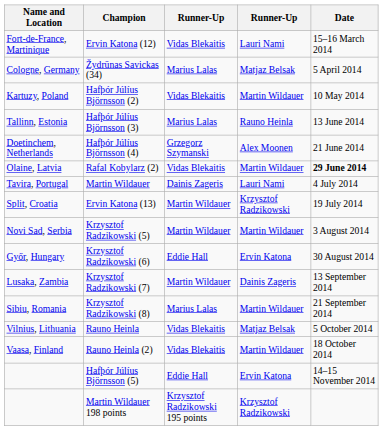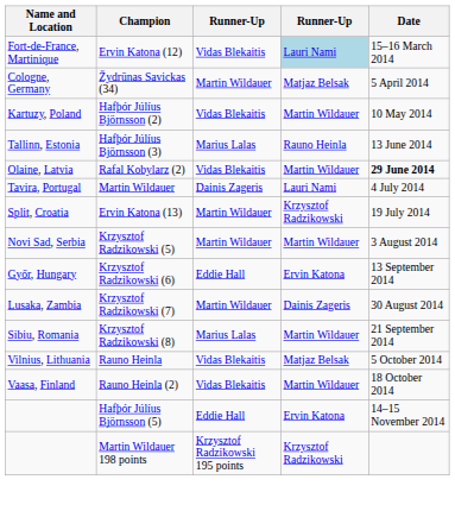 <table class="wikitable" style="display: inline-table;width: 100%;">
 <tr>
 <th scope="col">Name and Location</th>
 <th scope="col">Champion</th>
 <th scope="col">Runner-Up</th>
 <th scope="col">Runner-Up</th>
 <th scope="col">Date</th>
 </tr>
 <tr>
 <td> <a href='#'>Fort-de-France</a>, <a href='#'>Martinique</a><br> </td>
 <td> <a href='#'>Ervin Katona</a> (12)</td>
 <td> <a href='#'>Vidas Blekaitis</a></td>
-<td> <a href='#'>Lauri Nami</a></td>
+<td style="background: lightblue;"> <a href='#'>Lauri Nami</a></td>
 <td>15–16 March 2014</td>
 </tr>
 <tr>
 <td> <a href='#'>Cologne</a>, <a href='#'>Germany</a><br> </td>
 <td> <a href='#'>Žydrūnas Savickas</a> (34)</td>
-<td> <a href='#'>Marius Lalas</a></td>
+<td> <a href='#'>Martin Wildauer</a></td>
 <td><a href='#'>Matjaz Belsak</a></td>
 <td>5 April 2014</td>
 </tr>
 <tr>
 <td> <a href='#'>Kartuzy</a>, <a href='#'>Poland</a><br> </td>
 <td> <a href='#'>Hafþór Júlíus Björnsson</a> (2)</td>
 <td> <a href='#'>Vidas Blekaitis</a></td>
 <td> <a href='#'>Martin Wildauer</a></td>
 <td>10 May 2014</td>
 </tr>
 <tr>
 <td> <a href='#'>Tallinn</a>, <a href='#'>Estonia</a><br> </td>
 <td> <a href='#'>Hafþór Júlíus Björnsson</a> (3)</td>
 <td> <a href='#'>Marius Lalas</a></td>
 <td> <a href='#'>Rauno Heinla</a></td>
 <td>13 June 2014</td>
-</tr>
-<tr>
-<td> <a href='#'>Doetinchem</a>, <a href='#'>Netherlands</a><br> </td>
-<td> <a href='#'>Hafþór Júlíus Björnsson</a> (4)</td>
-<td> <a href='#'>Grzegorz Szymanski</a></td>
-<td> <a href='#'>Alex Moonen</a></td>
-<td>21 June 2014</td>
 </tr>
 <tr>
 <td> <a href='#'>Olaine</a>, <a href='#'>Latvia</a><br> </td>
 <td> <a href='#'>Rafal Kobylarz</a> (2)</td>
 <td> <a href='#'>Vidas Blekaitis</a></td>
 <td> <a href='#'>Martin Wildauer</a></td>
 <td><strong>29 June 2014</strong></td>
 </tr>
 <tr>
 <td> <a href='#'>Tavira</a>, <a href='#'>Portugal</a><br> </td>
 <td> <a href='#'>Martin Wildauer</a></td>
 <td> <a href='#'>Dainis Zageris</a></td>
 <td> <a href='#'>Lauri Nami</a></td>
 <td>4 July 2014</td>
 </tr>
 <tr>
 <td> <a href='#'>Split</a>, <a href='#'>Croatia</a><br> </td>
 <td> <a href='#'>Ervin Katona</a> (13)</td>
 <td> <a href='#'>Martin Wildauer</a></td>
 <td> <a href='#'>Krzysztof Radzikowski</a></td>
 <td>19 July 2014</td>
 </tr>
 <tr>
 <td> <a href='#'>Novi Sad</a>, <a href='#'>Serbia</a><br> </td>
 <td> <a href='#'>Krzysztof Radzikowski</a> (5)</td>
 <td> <a href='#'>Martin Wildauer</a></td>
 <td> <a href='#'>Martin Wildauer</a></td>
 <td>3 August 2014</td>
 </tr>
 <tr>
 <td> <a href='#'>Győr</a>, <a href='#'>Hungary</a><br> </td>
 <td> <a href='#'>Krzysztof Radzikowski</a> (6)</td>
 <td> <a href='#'>Eddie Hall</a></td>
 <td> <a href='#'>Ervin Katona</a></td>
-<td>30 August 2014</td>
+<td>13 September 2014</td>
 </tr>
 <tr>
 <td> <a href='#'>Lusaka</a>, <a href='#'>Zambia</a><br> </td>
 <td> <a href='#'>Krzysztof Radzikowski</a> (7)</td>
 <td> <a href='#'>Martin Wildauer</a></td>
 <td> <a href='#'>Dainis Zageris</a></td>
-<td>13 September 2014</td>
+<td>30 August 2014</td>
 </tr>
 <tr>
 <td> <a href='#'>Sibiu</a>, <a href='#'>Romania</a><br> </td>
 <td> <a href='#'>Krzysztof Radzikowski</a> (8)</td>
 <td> <a href='#'>Marius Lalas</a></td>
 <td> <a href='#'>Martin Wildauer</a></td>
 <td>21 September 2014</td>
 </tr>
 <tr>
 <td> <a href='#'>Vilnius</a>, <a href='#'>Lithuania</a><br></td>
 <td> <a href='#'>Rauno Heinla</a></td>
 <td> <a href='#'>Vidas Blekaitis</a></td>
 <td> <a href='#'>Matjaz Belsak</a></td>
 <td>5 October 2014</td>
 </tr>
 <tr>
 <td> <a href='#'>Vaasa</a>, <a href='#'>Finland</a><br> </td>
 <td> <a href='#'>Rauno Heinla</a> (2)</td>
 <td> <a href='#'>Vidas Blekaitis</a></td>
 <td> <a href='#'>Martin Wildauer</a></td>
 <td>18 October 2014</td>
 </tr>
 <tr>
 <td><br> </td>
 <td> <a href='#'>Hafþór Júlíus Björnsson</a> (5)</td>
 <td> <a href='#'>Eddie Hall</a></td>
 <td> <a href='#'>Ervin Katona</a></td>
 <td>14–15 November 2014</td>
 </tr>
 <tr>
 <td></td>
 <td> <a href='#'>Martin Wildauer</a><br> 198 points</td>
 <td> <a href='#'>Krzysztof Radzikowski</a><br> 195 points</td>
 <td> <a href='#'>Krzysztof Radzikowski</a></td>
 <td></td>
 </tr>
 </table>
